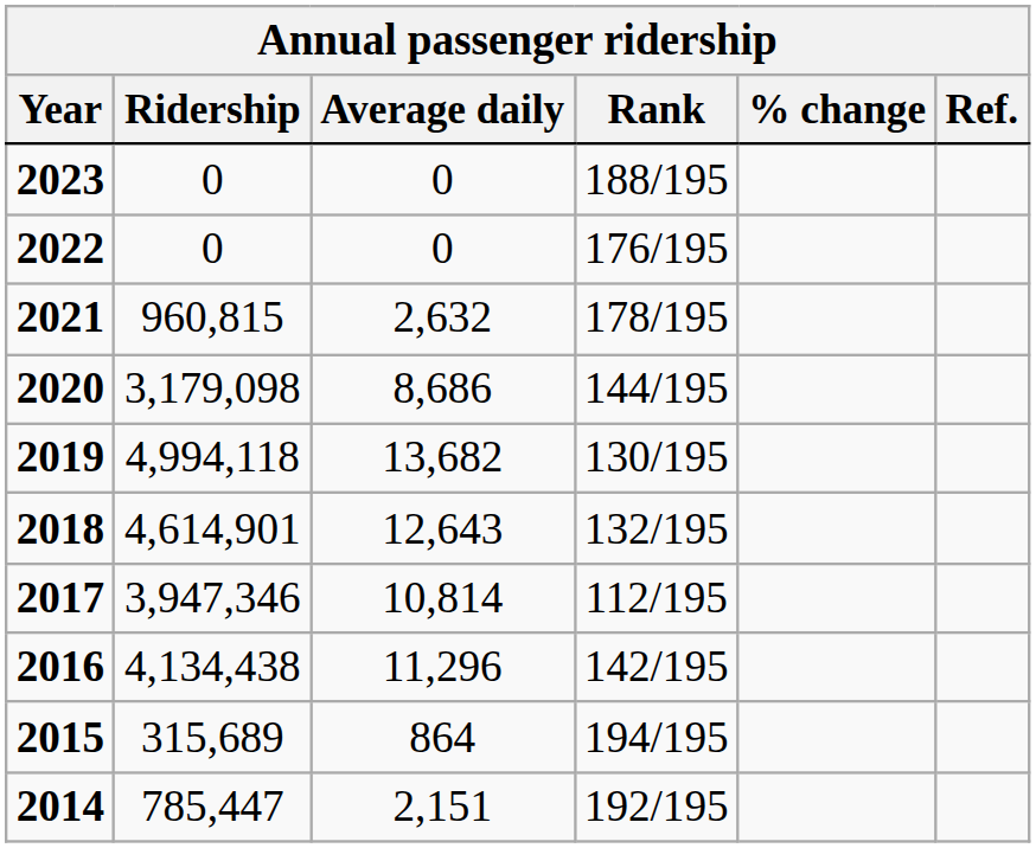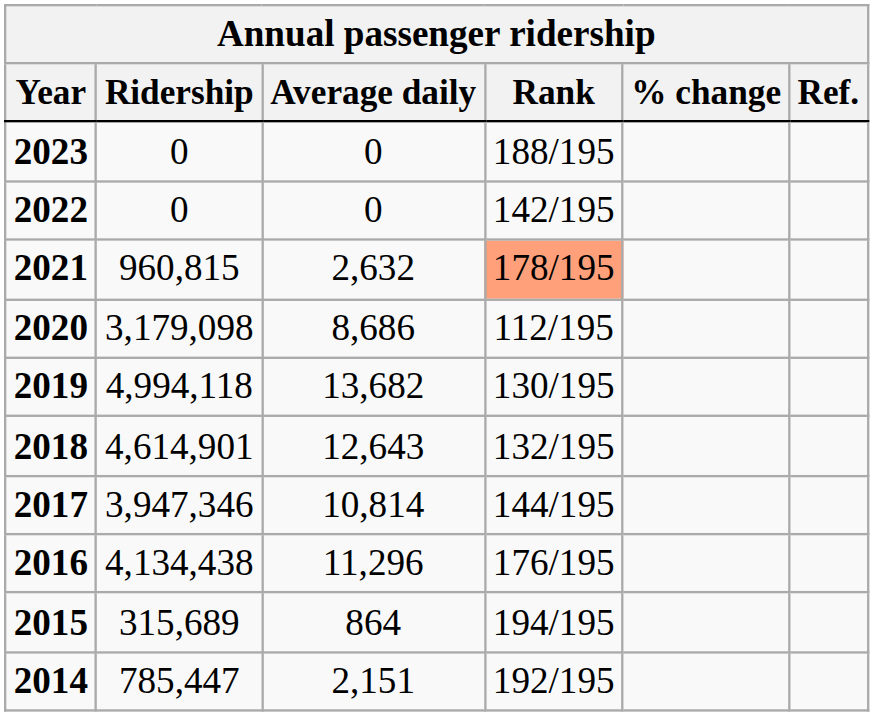 <table class="wikitable sortable" style="text-align:right;">
 <tr>
 <th colspan="6" style="background-color:#">Annual passenger ridership</th>
 </tr>
 <tr style="font-size:95%; text-align:center">
 <th style="border-bottom:1px solid black">Year</th>
 <th style="border-bottom:1px solid black">Ridership</th>
 <th style="border-bottom:1px solid black">Average daily</th>
 <th style="border-bottom:1px solid black">Rank</th>
 <th style="border-bottom:1px solid black">% change</th>
 <th style="border-bottom:1px solid black">Ref.</th>
 </tr>
 <tr style="text-align:center;">
 <td><strong>2023</strong></td>
 <td>0</td>
 <td>0</td>
 <td>188/195</td>
 <td></td>
 <td></td>
 </tr>
 <tr style="text-align:center;">
 <td><strong>2022</strong></td>
 <td>0</td>
 <td>0</td>
-<td>176/195</td>
+<td>142/195</td>
 <td></td>
 <td></td>
 </tr>
 <tr style="text-align:center;">
 <td><strong>2021</strong></td>
 <td>960,815</td>
 <td>2,632</td>
-<td>178/195</td>
+<td style="background: lightsalmon;">178/195</td>
 <td></td>
 <td></td>
 </tr>
 <tr style="text-align:center;">
 <td><strong>2020</strong></td>
 <td>3,179,098</td>
 <td>8,686</td>
-<td>144/195</td>
+<td>112/195</td>
 <td></td>
 <td></td>
 </tr>
 <tr style="text-align:center;">
 <td><strong>2019</strong></td>
 <td>4,994,118</td>
 <td>13,682</td>
 <td>130/195</td>
 <td></td>
 <td></td>
 </tr>
 <tr style="text-align:center;">
 <td><strong>2018</strong></td>
 <td>4,614,901</td>
 <td>12,643</td>
 <td>132/195</td>
 <td></td>
 <td></td>
 </tr>
 <tr style="text-align:center;">
 <td><strong>2017</strong></td>
 <td>3,947,346</td>
 <td>10,814</td>
-<td>112/195</td>
+<td>144/195</td>
 <td></td>
 <td></td>
 </tr>
 <tr style="text-align:center;">
 <td><strong>2016</strong></td>
 <td>4,134,438</td>
 <td>11,296</td>
-<td>142/195</td>
+<td>176/195</td>
 <td></td>
 <td></td>
 </tr>
 <tr style="text-align:center;">
 <td><strong>2015</strong></td>
 <td>315,689</td>
 <td>864</td>
 <td>194/195</td>
 <td></td>
 <td></td>
 </tr>
 <tr style="text-align:center;">
 <td><strong>2014</strong></td>
 <td>785,447</td>
 <td>2,151</td>
 <td>192/195</td>
 <td></td>
 <td></td>
 </tr>
 </table>
